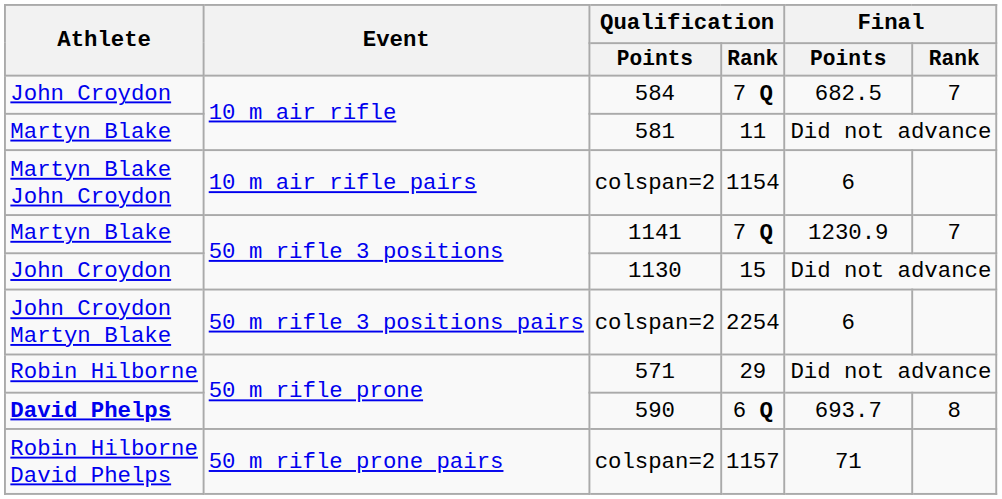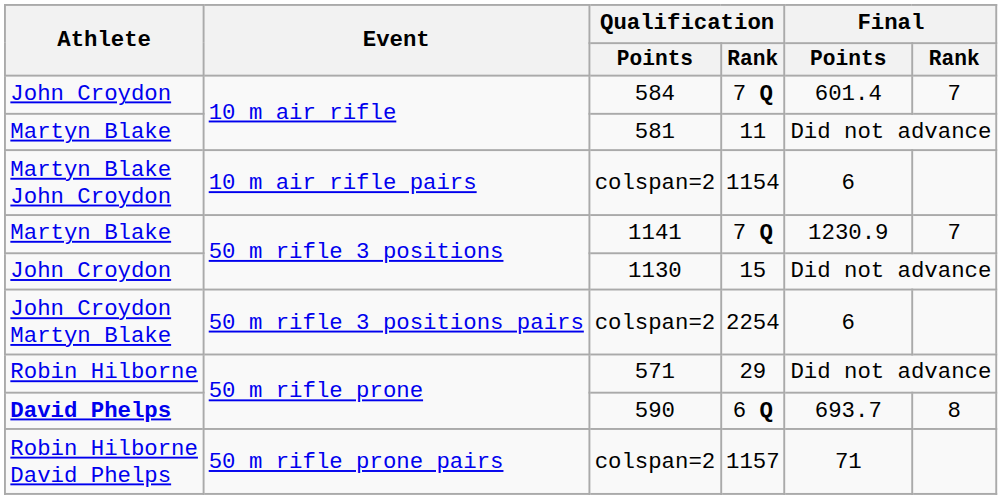 <table class="wikitable" style="font-size:90%;">
 <tr>
 <th rowspan=2>Athlete</th>
 <th rowspan=2>Event</th>
 <th colspan=2>Qualification</th>
 <th colspan=2>Final</th>
 </tr>
 <tr style="font-size:95%">
 <th>Points</th>
 <th>Rank</th>
 <th>Points</th>
 <th>Rank</th>
 </tr>
 <tr align=center>
 <td align=left><a href='#'>John Croydon</a></td>
 <td align=left rowspan=2><a href='#'>10 m air rifle</a></td>
 <td>584</td>
 <td>7 <strong>Q</strong></td>
-<td>682.5</td>
+<td>601.4</td>
 <td>7</td>
 </tr>
 <tr align=center>
 <td align=left><a href='#'>Martyn Blake</a></td>
 <td>581</td>
 <td>11</td>
 <td colspan=2>Did not advance</td>
 </tr>
 <tr align=center>
 <td align=left><a href='#'>Martyn Blake</a><br><a href='#'>John Croydon</a></td>
 <td align=left rowspan=1><a href='#'>10 m air rifle pairs</a></td>
 <td>colspan=2 </td>
 <td>1154</td>
 <td>6</td>
 </tr>
 <tr align=center>
 <td align=left><a href='#'>Martyn Blake</a></td>
 <td align=left rowspan=2><a href='#'>50 m rifle 3 positions</a></td>
 <td>1141</td>
 <td>7 <strong>Q</strong></td>
 <td>1230.9</td>
 <td>7</td>
 </tr>
 <tr align=center>
 <td align=left><a href='#'>John Croydon</a></td>
 <td>1130</td>
 <td>15</td>
 <td colspan=2>Did not advance</td>
 </tr>
 <tr align=center>
 <td align=left><a href='#'>John Croydon</a><br><a href='#'>Martyn Blake</a></td>
 <td align=left rowspan=1><a href='#'>50 m rifle 3 positions pairs</a></td>
 <td>colspan=2 </td>
 <td>2254</td>
 <td>6</td>
 </tr>
 <tr align=center>
 <td align=left><a href='#'>Robin Hilborne</a></td>
 <td align=left rowspan=2><a href='#'>50 m rifle prone</a></td>
 <td>571</td>
 <td>29</td>
 <td colspan=2>Did not advance</td>
 </tr>
 <tr align=center>
 <td align=left><strong><a href='#'>David Phelps</a></strong></td>
 <td>590</td>
 <td>6 <strong>Q</strong></td>
 <td>693.7</td>
 <td>8</td>
 </tr>
 <tr align=center>
 <td align=left><a href='#'>Robin Hilborne</a><br><a href='#'>David Phelps</a></td>
 <td align=left rowspan=1><a href='#'>50 m rifle prone pairs</a></td>
 <td>colspan=2 </td>
 <td>1157</td>
 <td>71</td>
 </tr>
 </table>
